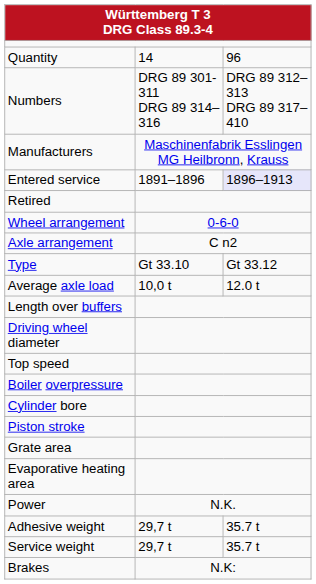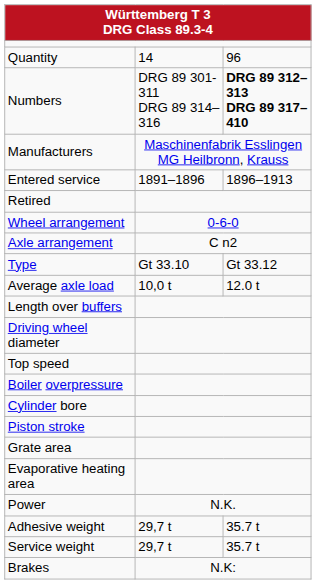 <table class="wikitable float-right" align="right" width="370">
 <tr>
 <th colspan="3" style="color:white; background:#BD1220">Württemberg T 3 <br> DRG Class 89.3-4</th>
 </tr>
 <tr>
 <td colspan="3" style="text-align:center;"></td>
 </tr>
 <tr>
 <td>Quantity</td>
 <td>14</td>
 <td>96</td>
 </tr>
 <tr>
 <td>Numbers</td>
 <td>DRG 89 301-311 <br> DRG 89 314–316</td>
-<td>DRG 89 312–313 <br> DRG 89 317–410</td>
+<td><strong>DRG 89 312–313 <br> DRG 89 317–410</strong></td>
 </tr>
 <tr>
 <td>Manufacturers</td>
 <td colspan="2" style="text-align:center;"><a href='#'>Maschinenfabrik Esslingen</a><br><a href='#'>MG Heilbronn</a>, <a href='#'>Krauss</a></td>
 </tr>
 <tr>
 <td>Entered service</td>
 <td>1891–1896</td>
-<td style="background: lavender;">1896–1913</td>
+<td>1896–1913</td>
 </tr>
 <tr>
 <td>Retired</td>
 <td colspan="2" style="text-align:center;"></td>
 </tr>
 <tr>
 <td><a href='#'>Wheel arrangement</a></td>
 <td colspan="2" style="text-align:center;"><a href='#'>0-6-0</a></td>
 </tr>
 <tr>
 <td><a href='#'>Axle arrangement</a></td>
 <td colspan="2" style="text-align:center;">C n2</td>
 </tr>
 <tr>
 <td><a href='#'>Type</a></td>
 <td>Gt 33.10</td>
 <td>Gt 33.12</td>
 </tr>
 <tr>
 <td>Average <a href='#'>axle load</a></td>
 <td>10,0 t</td>
 <td>12.0 t</td>
 </tr>
 <tr>
 <td>Length over <a href='#'>buffers</a></td>
 <td colspan="2" style="text-align:center;"></td>
 </tr>
 <tr>
 <td><a href='#'>Driving wheel</a> diameter</td>
 <td colspan="2" style="text-align:center;"></td>
 </tr>
 <tr>
 <td>Top speed</td>
 <td colspan="2" style="text-align:center;"></td>
 </tr>
 <tr>
 <td><a href='#'>Boiler</a> <a href='#'>overpressure</a></td>
 <td colspan="2" style="text-align:center;"></td>
 </tr>
 <tr>
 <td><a href='#'>Cylinder</a> bore</td>
 <td colspan="2" style="text-align:center;"></td>
 </tr>
 <tr>
 <td><a href='#'>Piston stroke</a></td>
 <td colspan="2" style="text-align:center;"></td>
 </tr>
 <tr>
 <td>Grate area</td>
 <td colspan="2" style="text-align:center;"></td>
 </tr>
 <tr>
 <td>Evaporative heating area</td>
 <td colspan="2" style="text-align:center;"></td>
 </tr>
 <tr>
 <td>Power</td>
 <td colspan="2" style="text-align:center;">N.K.</td>
 </tr>
 <tr>
 <td>Adhesive weight</td>
 <td>29,7 t</td>
 <td>35.7 t</td>
 </tr>
 <tr>
 <td>Service weight</td>
 <td>29,7 t</td>
 <td>35.7 t</td>
 </tr>
 <tr>
 <td>Brakes</td>
 <td colspan="2" style="text-align:center;">N.K:</td>
 </tr>
 </table>
